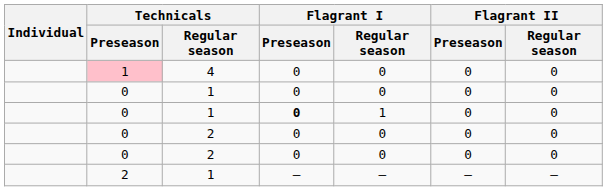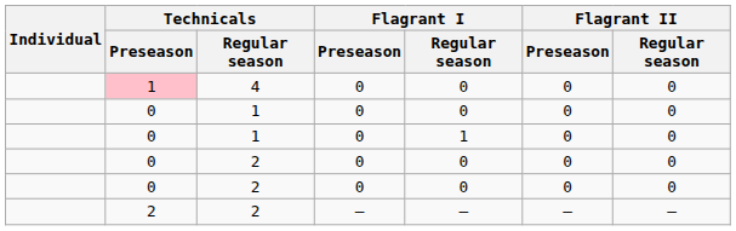 <table class="wikitable sortable collapsible collapsed" style="text-align:center;">
 <tr>
 <th rowspan="2">Individual</th>
 <th class="unsortable" colspan="2">Technicals</th>
 <th colspan="2">Flagrant I</th>
 <th colspan="2">Flagrant II</th>
 </tr>
 <tr>
 <th>Preseason</th>
 <th>Regular season</th>
 <th>Preseason</th>
 <th>Regular season</th>
 <th>Preseason</th>
 <th>Regular season</th>
 </tr>
 <tr>
 <td></td>
 <td style="background: pink;">1</td>
 <td>4</td>
 <td>0</td>
 <td>0</td>
 <td>0</td>
 <td>0</td>
 </tr>
 <tr>
 <td></td>
 <td>0</td>
 <td>1</td>
 <td>0</td>
 <td>0</td>
 <td>0</td>
 <td>0</td>
 </tr>
 <tr>
 <td></td>
 <td>0</td>
 <td>1</td>
-<td><strong>0</strong></td>
+<td>0</td>
 <td>1</td>
 <td>0</td>
 <td>0</td>
 </tr>
 <tr>
 <td></td>
 <td>0</td>
 <td>2</td>
 <td>0</td>
 <td>0</td>
 <td>0</td>
 <td>0</td>
 </tr>
 <tr>
 <td></td>
 <td>0</td>
 <td>2</td>
 <td>0</td>
 <td>0</td>
 <td>0</td>
 <td>0</td>
 </tr>
 <tr>
 <td></td>
 <td>2</td>
-<td>1</td>
+<td>2</td>
 <td>—</td>
 <td>—</td>
 <td>—</td>
 <td>—</td>
 </tr>
 </table>
